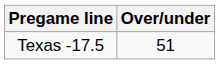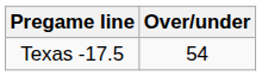 <table class="wikitable" style="margin-left: auto; margin-right: auto; border: none; display: inline-table;">
 <tr align="center">
 <th style=>Pregame line</th>
 <th style=>Over/under</th>
 </tr>
 <tr align="center">
 <td>Texas -17.5</td>
-<td>51</td>
+<td>54</td>
 </tr>
 </table>
